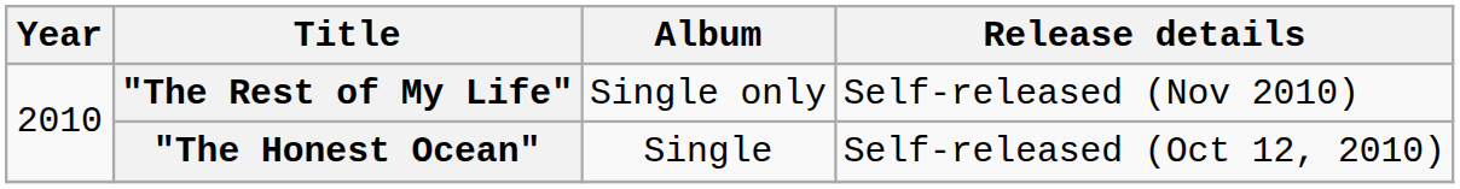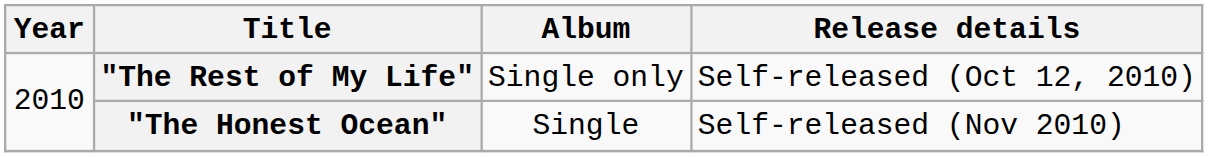 <table class="wikitable plainrowheaders" style="text-align:center;">
 <tr>
 <th scope="col" rowspan="1" style="width:2.5em;">Year</th>
 <th scope="col" rowspan="1">Title</th>
 <th scope="col" rowspan="1">Album</th>
 <th scope="col" rowspan="1">Release details</th>
 </tr>
 <tr>
 <td rowspan="2">2010</td>
 <th scope="row">"The Rest of My Life"</th>
 <td>Single only</td>
-<td align=left>Self-released (Nov 2010)</td>
+<td align=left>Self-released (Oct 12, 2010)</td>
 </tr>
 <tr>
 <th scope="row">"The Honest Ocean"</th>
 <td>Single</td>
-<td align=left>Self-released (Oct 12, 2010)</td>
+<td align=left>Self-released (Nov 2010)</td>
 </tr>
 <tr>
 </tr>
 </table>
